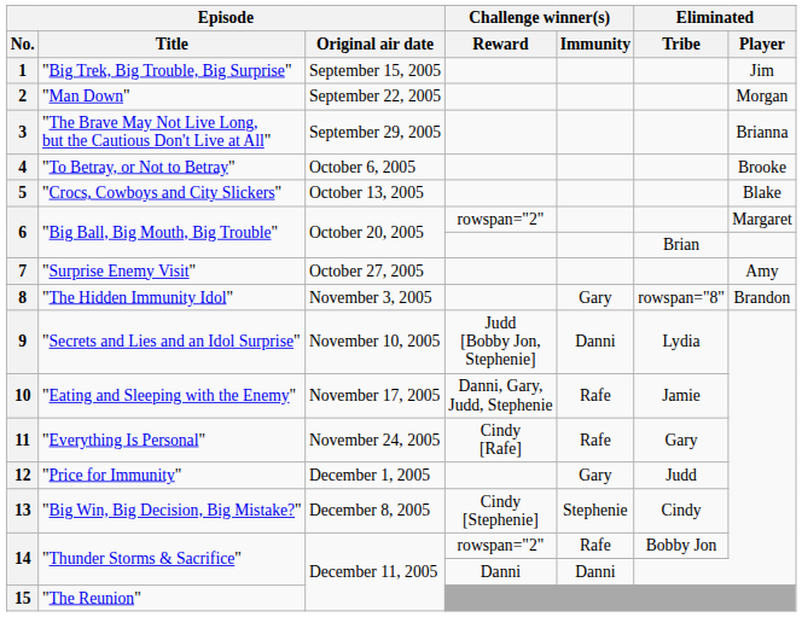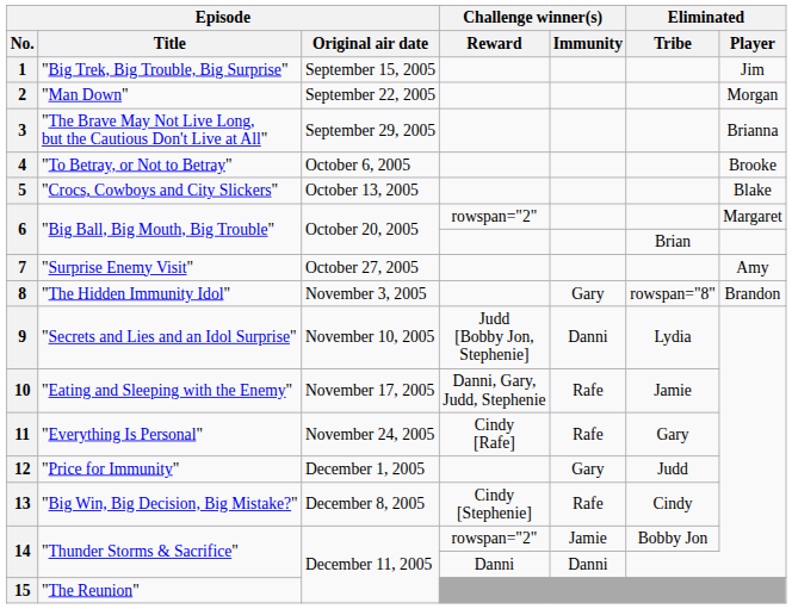 <table class="wikitable nowrap" style="margin:auto; text-align:center">
 <tr>
 <th scope="col" colspan="3">Episode</th>
 <th scope="col" colspan="2">Challenge winner(s)</th>
 <th colspan="2">Eliminated</th>
 </tr>
 <tr>
 <th scope="col">No.</th>
 <th scope="col">Title</th>
 <th scope="col">Original air date</th>
 <th scope="col">Reward</th>
 <th scope="col">Immunity</th>
 <th scope="col">Tribe</th>
 <th scope="col">Player</th>
 </tr>
 <tr>
 <th>1</th>
 <td align="left">"<a href='#'>Big Trek, Big Trouble, Big Surprise</a>"</td>
 <td align="left">September 15, 2005</td>
 <td></td>
 <td></td>
 <td></td>
 <td>Jim</td>
 </tr>
 <tr>
 <th>2</th>
 <td align="left">"<a href='#'>Man Down</a>"</td>
 <td align="left">September 22, 2005</td>
 <td></td>
 <td></td>
 <td></td>
 <td>Morgan</td>
 </tr>
 <tr>
 <th>3</th>
 <td align="left">"<a href='#'>The Brave May Not Live Long,<br>but the Cautious Don't Live at All</a>"</td>
 <td align="left">September 29, 2005</td>
 <td></td>
 <td></td>
 <td></td>
 <td>Brianna</td>
 </tr>
 <tr>
 <th>4</th>
 <td align="left">"<a href='#'>To Betray, or Not to Betray</a>"</td>
 <td align="left">October 6, 2005</td>
 <td></td>
 <td></td>
 <td></td>
 <td>Brooke</td>
 </tr>
 <tr>
 <th>5</th>
 <td align="left">"<a href='#'>Crocs, Cowboys and City Slickers</a>"</td>
 <td align="left">October 13, 2005</td>
 <td></td>
 <td></td>
 <td></td>
 <td>Blake</td>
 </tr>
 <tr>
 <th rowspan="2">6</th>
 <td rowspan="2" style="text-align:left;">"<a href='#'>Big Ball, Big Mouth, Big Trouble</a>"</td>
 <td rowspan="2" style="text-align:left;">October 20, 2005</td>
 <td>rowspan="2" </td>
 <td></td>
 <td></td>
 <td>Margaret</td>
 </tr>
 <tr>
 <td></td>
 <td></td>
 <td>Brian</td>
 </tr>
 <tr>
 <th>7</th>
 <td align="left">"<a href='#'>Surprise Enemy Visit</a>"</td>
 <td align="left">October 27, 2005</td>
 <td></td>
 <td></td>
 <td></td>
 <td>Amy</td>
 </tr>
 <tr>
 <th>8</th>
 <td align="left">"<a href='#'>The Hidden Immunity Idol</a>"</td>
 <td align="left">November 3, 2005</td>
 <td></td>
 <td>Gary</td>
 <td>rowspan="8" </td>
 <td>Brandon</td>
 </tr>
 <tr>
 <th>9</th>
 <td align="left">"<a href='#'>Secrets and Lies and an Idol Surprise</a>"</td>
 <td align="left">November 10, 2005</td>
 <td>Judd<br>[Bobby Jon,<br>Stephenie]</td>
 <td>Danni</td>
 <td>Lydia</td>
 </tr>
 <tr>
 <th>10</th>
 <td align="left">"<a href='#'>Eating and Sleeping with the Enemy</a>"</td>
 <td align="left">November 17, 2005</td>
 <td>Danni, Gary,<br>Judd, Stephenie</td>
 <td>Rafe</td>
 <td>Jamie</td>
 </tr>
 <tr>
 <th>11</th>
 <td align="left">"<a href='#'>Everything Is Personal</a>"</td>
 <td align="left">November 24, 2005</td>
 <td>Cindy<br>[Rafe]</td>
 <td>Rafe</td>
 <td>Gary</td>
 </tr>
 <tr>
 <th>12</th>
 <td align="left">"<a href='#'>Price for Immunity</a>"</td>
 <td align="left">December 1, 2005</td>
 <td></td>
 <td>Gary</td>
 <td>Judd</td>
 </tr>
 <tr>
 <th>13</th>
 <td align="left">"<a href='#'>Big Win, Big Decision, Big Mistake?</a>"</td>
 <td align="left">December 8, 2005</td>
 <td>Cindy<br>[Stephenie]</td>
-<td>Stephenie</td>
+<td>Rafe</td>
 <td>Cindy</td>
 </tr>
 <tr>
 <th rowspan="2">14</th>
 <td rowspan="2" style="text-align:left;">"<a href='#'>Thunder Storms & Sacrifice</a>"</td>
 <td rowspan="3" style="text-align:left;">December 11, 2005</td>
 <td>rowspan="2" </td>
-<td>Rafe</td>
+<td>Jamie</td>
 <td>Bobby Jon</td>
 </tr>
 <tr>
 <td>Danni</td>
 <td>Danni</td>
 </tr>
 <tr>
 <th>15</th>
 <td style="text-align:left;">"<a href='#'>The Reunion</a>"</td>
 <td colspan="4" bgcolor="darkgray"></td>
 </tr>
 </table>
